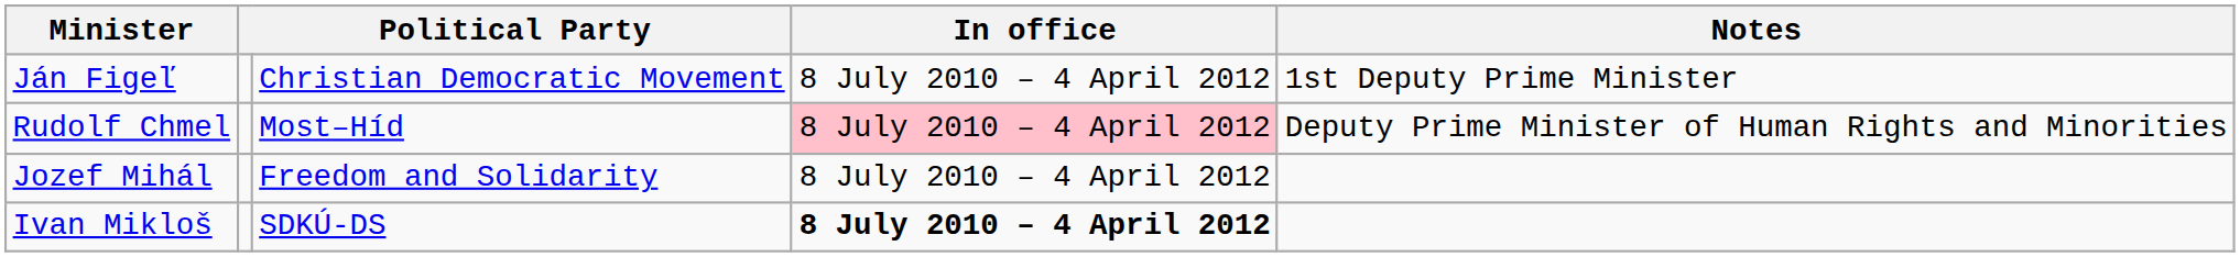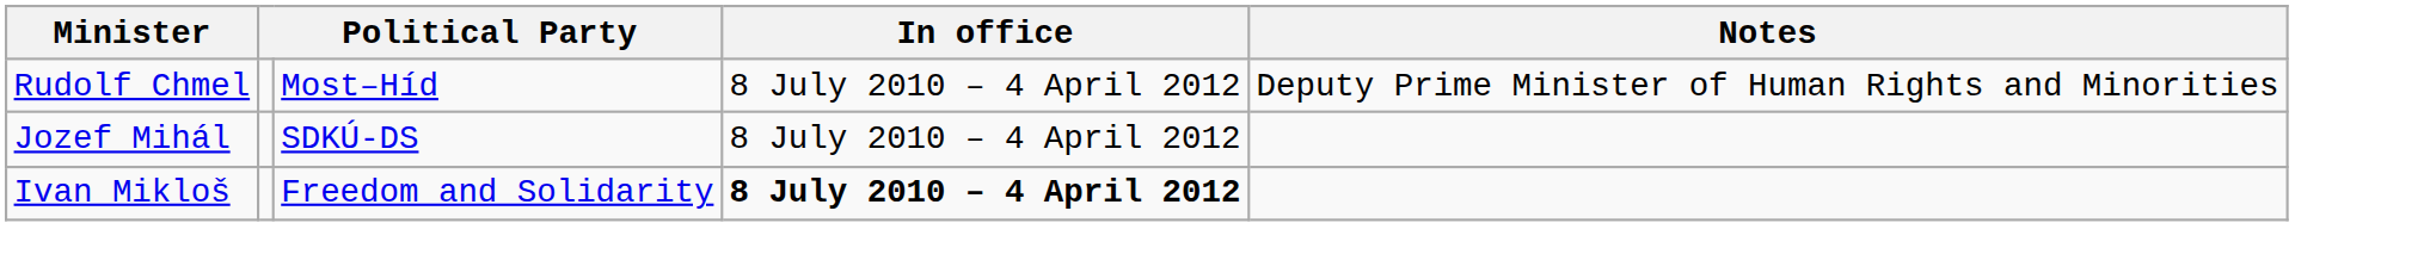 <table class="wikitable">
 <tr>
 <th>Minister</th>
 <th colspan=2>Political Party</th>
 <th>In office</th>
 <th>Notes</th>
 </tr>
 <tr>
-<td><a href='#'>Ján Figeľ</a></td>
-<td style="background-color: "></td>
-<td><a href='#'>Christian Democratic Movement</a></td>
-<td>8 July 2010 – 4 April 2012</td>
-<td>1st Deputy Prime Minister</td>
-</tr>
-<tr>
 <td><a href='#'>Rudolf Chmel</a></td>
 <td style="background-color: "></td>
 <td><a href='#'>Most–Híd</a></td>
-<td style="background: pink;">8 July 2010 – 4 April 2012</td>
+<td>8 July 2010 – 4 April 2012</td>
 <td>Deputy Prime Minister of Human Rights and Minorities</td>
 </tr>
 <tr>
 <td><a href='#'>Jozef Mihál</a></td>
 <td style="background-color: "></td>
-<td><a href='#'>Freedom and Solidarity</a></td>
+<td><a href='#'>SDKÚ-DS</a></td>
 <td>8 July 2010 – 4 April 2012</td>
 <td></td>
 </tr>
 <tr>
 <td><a href='#'>Ivan Mikloš</a></td>
 <td style="background-color: "></td>
-<td><a href='#'>SDKÚ-DS</a></td>
+<td><a href='#'>Freedom and Solidarity</a></td>
 <td><strong>8 July 2010 – 4 April 2012</strong></td>
 <td></td>
 </tr>
 </table>
